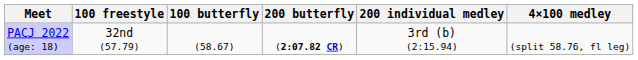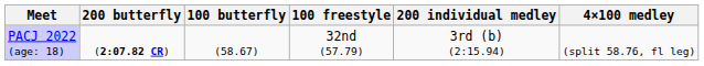 <table class="sortable wikitable">
 <tr>
 <th>Meet</th>
+<th class="unsortable">200 butterfly</th>
+<th class="unsortable">100 butterfly</th>
 <th class="unsortable">100 freestyle</th>
-<th class="unsortable">100 butterfly</th>
-<th class="unsortable">200 butterfly</th>
 <th class="unsortable">200 individual medley</th>
 <th class="unsortable">4×100 medley</th>
 </tr>
 <tr>
 <td style="background:#ccccff"><a href='#'>PACJ 2022</a><br><small>(age: 18)</small></td>
+<td align="center"><br><small>(<strong>2:07.82 <a href='#'>CR</a></strong>)</small></td>
+<td align="center"><br><small>(58.67)</small></td>
 <td align="center">32nd<br><small>(57.79)</small></td>
-<td align="center"><br><small>(58.67)</small></td>
-<td align="center"><br><small>(<strong>2:07.82 <a href='#'>CR</a></strong>)</small></td>
 <td align="center">3rd (b)<br><small>(2:15.94)</small></td>
 <td align="center"><br><small>(split 58.76, fl leg)</small></td>
 </tr>
 </table>
